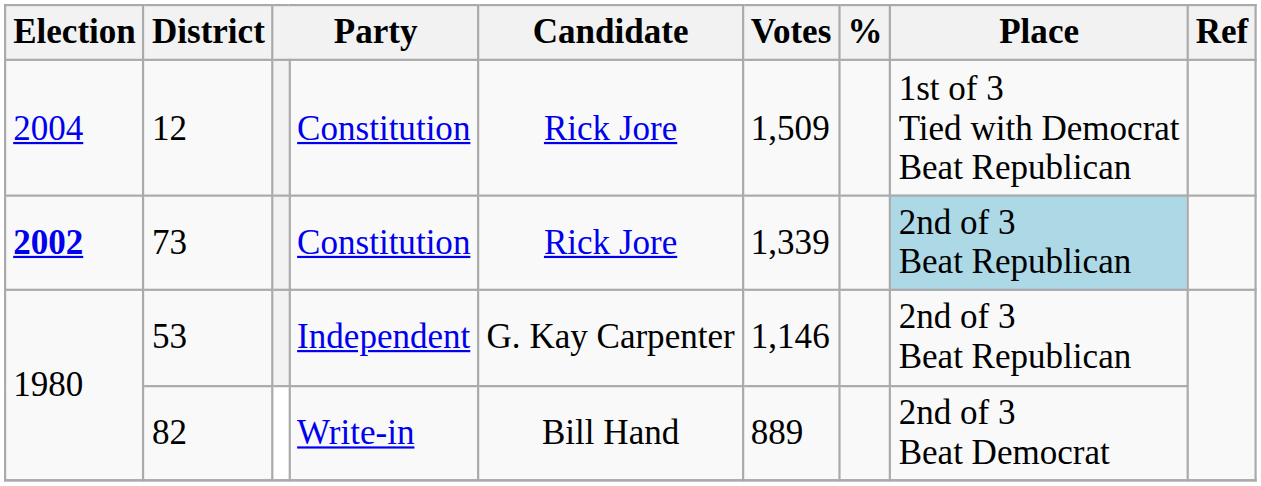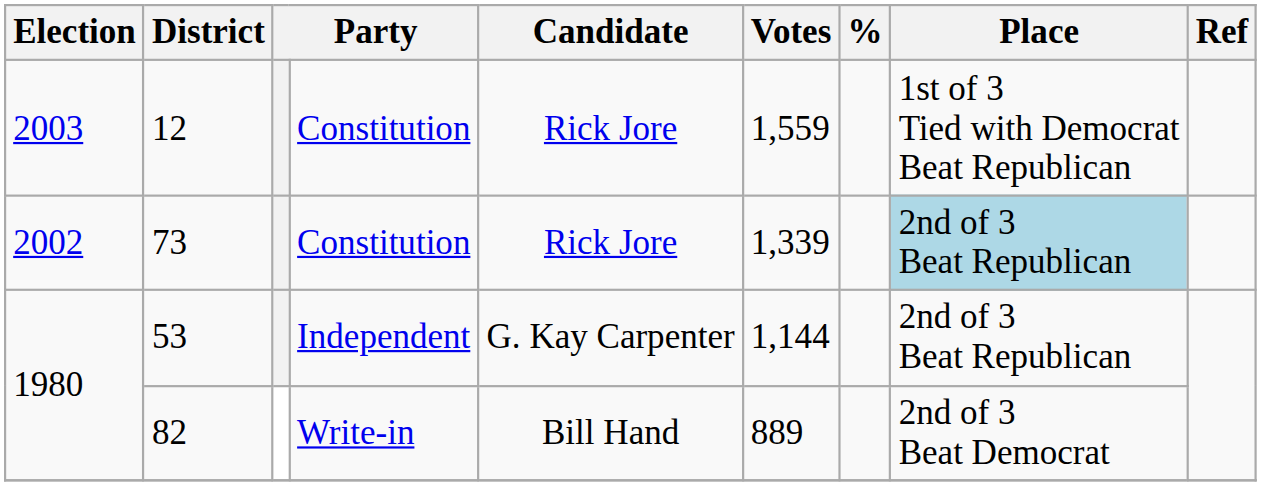 <table class="wikitable sortable">
 <tr>
 <th>Election</th>
 <th>District</th>
 <th colspan=2>Party</th>
 <th>Candidate</th>
 <th>Votes</th>
 <th>%</th>
 <th>Place</th>
 <th>Ref</th>
 </tr>
 <tr>
-<td><a href='#'>2004</a></td>
+<td><a href='#'>2003</a></td>
 <td>12</td>
 <th style="background-color:"></th>
 <td><a href='#'>Constitution</a></td>
 <td align="center"><a href='#'>Rick Jore</a></td>
-<td>1,509</td>
+<td>1,559</td>
 <td></td>
 <td>1st of 3<br>Tied with Democrat<br>Beat Republican</td>
 <td></td>
 </tr>
 <tr>
-<td><strong><a href='#'>2002</a></strong></td>
+<td><a href='#'>2002</a></td>
 <td>73</td>
 <th style="background-color:"></th>
 <td><a href='#'>Constitution</a></td>
 <td align="center"><a href='#'>Rick Jore</a></td>
 <td>1,339</td>
 <td></td>
 <td style="background: lightblue;">2nd of 3<br>Beat Republican</td>
 <td></td>
 </tr>
 <tr>
 <td rowspan=2>1980</td>
 <td>53</td>
 <th style="background-color:"></th>
 <td><a href='#'>Independent</a></td>
 <td align="center">G. Kay Carpenter</td>
-<td>1,146</td>
+<td>1,144</td>
 <td></td>
 <td>2nd of 3<br>Beat Republican</td>
 <td rowspan=2></td>
 </tr>
 <tr>
 <td>82</td>
 <th style="background-color:white"></th>
 <td><a href='#'>Write-in</a></td>
 <td align="center">Bill Hand</td>
 <td>889</td>
 <td></td>
 <td>2nd of 3<br>Beat Democrat</td>
 </tr>
 <tr>
 </tr>
 </table>
